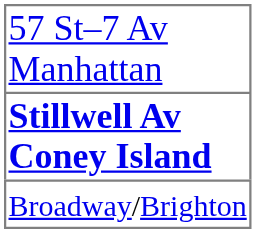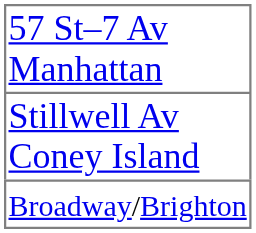 <table border=0 cellspacing=0>
 <tr>
 <td style="border:solid 1px gray;"><a href='#'>57 St–7 Av</a><br><a href='#'>Manhattan</a></td>
 </tr>
 <tr>
-<td style="border-left:solid 1px gray;border-right:solid 1px gray;"><strong><a href='#'>Stillwell Av</a><br><a href='#'>Coney Island</a></strong></td>
+<td style="border-left:solid 1px gray;border-right:solid 1px gray;"><a href='#'>Stillwell Av</a><br><a href='#'>Coney Island</a></td>
 </tr>
 <tr>
 <td style="border:solid 1px gray;"> <small> <a href='#'>Broadway</a>/<a href='#'>Brighton</a></small></td>
 </tr>
 </table>
